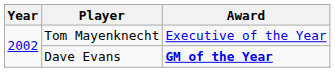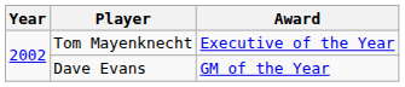 <table class="wikitable">
 <tr>
 <th>Year</th>
 <th>Player</th>
 <th>Award</th>
 </tr>
 <tr>
 <td rowspan="2"><a href='#'>2002</a></td>
 <td>Tom Mayenknecht</td>
 <td><a href='#'>Executive of the Year</a></td>
 </tr>
 <tr>
 <td>Dave Evans</td>
-<td><strong><a href='#'>GM of the Year</a></strong></td>
+<td><a href='#'>GM of the Year</a></td>
 </tr>
 </table>
